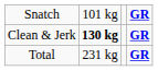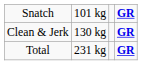 <table class = "wikitable" style="text-align:center;">
 <tr>
 <td>Snatch</td>
 <td>101 kg</td>
 <td align=left></td>
 <td><strong><a href='#'>GR</a></strong></td>
 </tr>
 <tr>
 <td>Clean & Jerk</td>
-<td><strong>130 kg</strong></td>
+<td>130 kg</td>
 <td align=left></td>
 <td><strong><a href='#'>GR</a></strong></td>
 </tr>
 <tr>
 <td>Total</td>
 <td>231 kg</td>
 <td align=left></td>
 <td><strong><a href='#'>GR</a></strong></td>
 </tr>
 </table>
